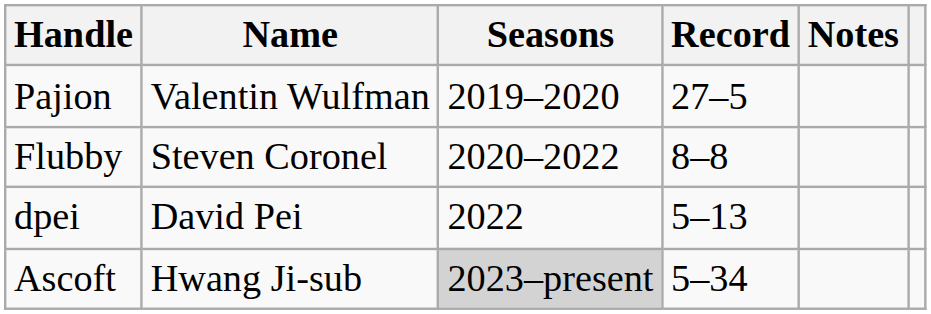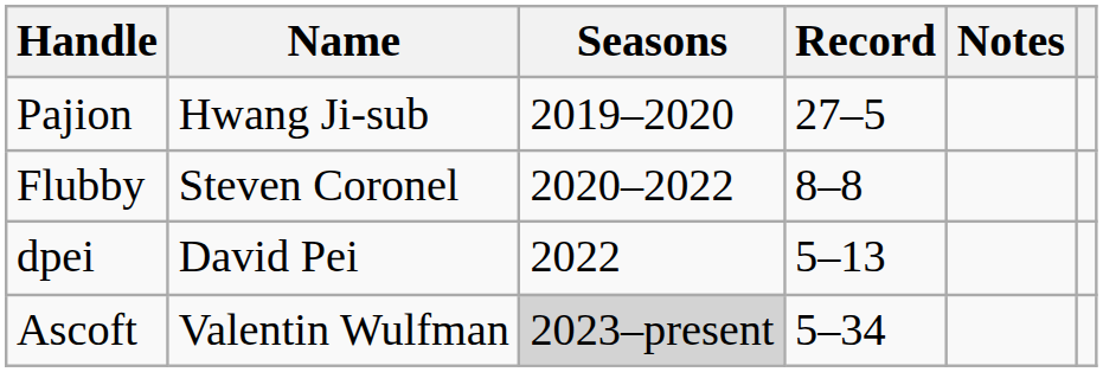 <table class="wikitable">
 <tr>
 <th style="background:#">Handle</th>
 <th style="background:#">Name</th>
 <th style="background:#">Seasons</th>
 <th style="background:#">Record</th>
 <th style="background:#">Notes</th>
 <th style="background:#"></th>
 </tr>
 <tr>
 <td>Pajion</td>
-<td>Valentin Wulfman</td>
+<td>Hwang Ji-sub</td>
 <td>2019–2020</td>
 <td>27–5 </td>
 <td></td>
 <td></td>
 </tr>
 <tr>
 <td>Flubby</td>
 <td>Steven Coronel</td>
 <td>2020–2022</td>
 <td>8–8 </td>
 <td></td>
 <td></td>
 </tr>
 <tr>
 <td>dpei</td>
 <td>David Pei</td>
 <td>2022</td>
 <td>5–13 </td>
 <td></td>
 <td></td>
 </tr>
 <tr>
 <td>Ascoft</td>
-<td>Hwang Ji-sub</td>
+<td>Valentin Wulfman</td>
 <td style="background: lightgrey;">2023–present</td>
 <td>5–34 </td>
 <td></td>
 <td></td>
 </tr>
 </table>
